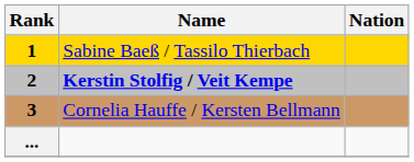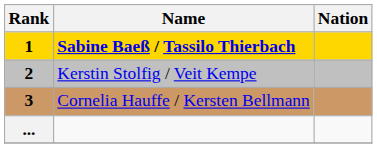 <table class="wikitable">
 <tr>
 <th>Rank</th>
 <th>Name</th>
 <th>Nation</th>
 </tr>
 <tr bgcolor="gold">
 <td align="center"><strong>1</strong></td>
-<td><a href='#'>Sabine Baeß</a> / <a href='#'>Tassilo Thierbach</a></td>
+<td><strong><a href='#'>Sabine Baeß</a> / <a href='#'>Tassilo Thierbach</a></strong></td>
 <td></td>
 </tr>
 <tr bgcolor="silver">
 <td align="center"><strong>2</strong></td>
-<td><strong><a href='#'>Kerstin Stolfig</a> / <a href='#'>Veit Kempe</a></strong></td>
+<td><a href='#'>Kerstin Stolfig</a> / <a href='#'>Veit Kempe</a></td>
 <td></td>
 </tr>
 <tr bgcolor="cc9966">
 <td align="center"><strong>3</strong></td>
 <td><a href='#'>Cornelia Hauffe</a> / <a href='#'>Kersten Bellmann</a></td>
 <td></td>
 </tr>
 <tr>
 <th>...</th>
 <td></td>
 <td></td>
 </tr>
 <tr>
 </tr>
 </table>
